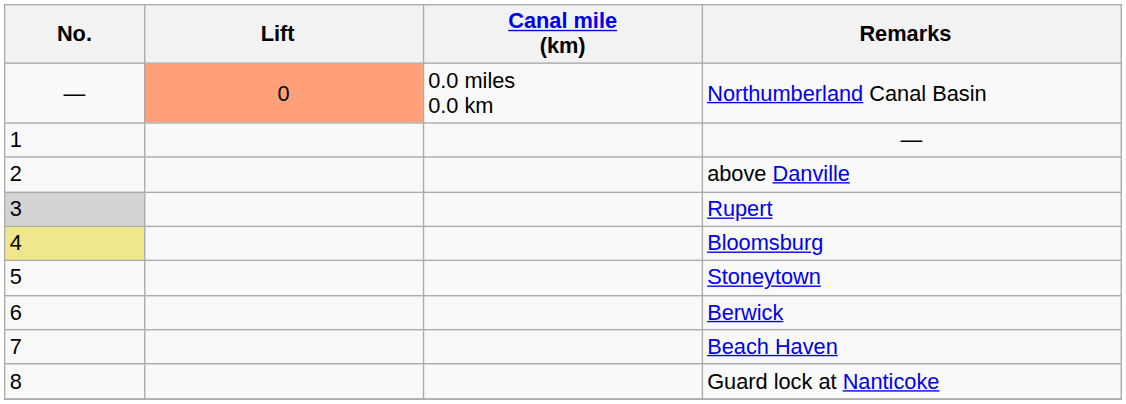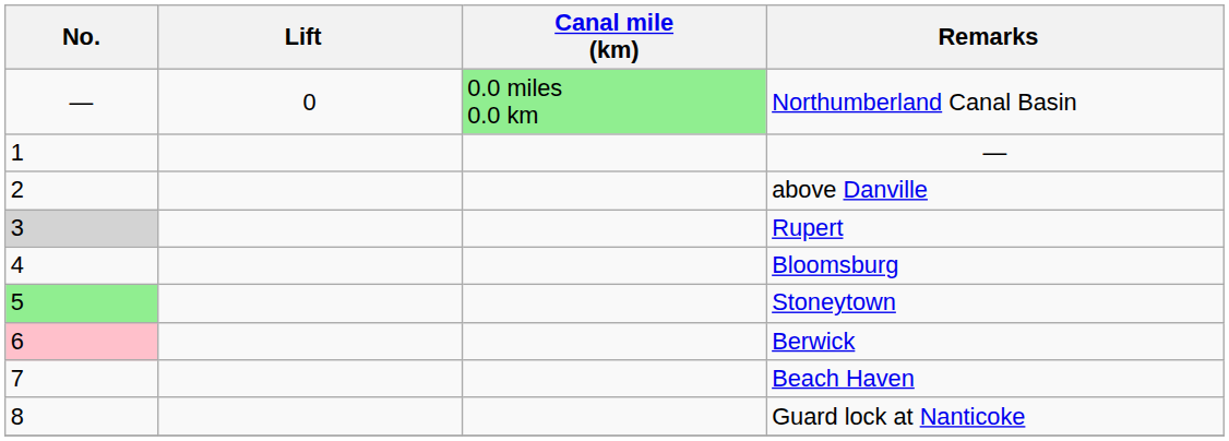 <table class="wikitable" style="width:65%">
 <tr>
 <th width=5%>No.</th>
 <th width=10%>Lift  </th>
 <th width=10%><a href='#'>Canal mile</a><br> (km)</th>
 <th width=15%>Remarks  </th>
 </tr>
 <tr>
 <td style="text-align:center;">—</td>
-<td style="background: lightsalmon; text-align:center;">0</td>
-<td>0.0 miles<br>0.0 km</td>
+<td style="text-align:center;">0</td>
+<td style="background: lightgreen;">0.0 miles<br>0.0 km</td>
 <td><a href='#'>Northumberland</a> Canal Basin</td>
 </tr>
 <tr>
 <td>1</td>
 <td></td>
 <td></td>
 <td style="text-align:center;">—</td>
 </tr>
 <tr>
 <td>2</td>
 <td></td>
 <td></td>
 <td> above <a href='#'>Danville</a></td>
 </tr>
 <tr>
 <td style="background: lightgrey;">3</td>
 <td></td>
 <td></td>
 <td><a href='#'>Rupert</a></td>
 </tr>
 <tr>
-<td style="background: khaki;">4</td>
+<td>4</td>
 <td></td>
 <td></td>
 <td><a href='#'>Bloomsburg</a></td>
 </tr>
 <tr>
-<td>5</td>
+<td style="background: lightgreen;">5</td>
 <td></td>
 <td></td>
 <td><a href='#'>Stoneytown</a></td>
 </tr>
 <tr>
-<td>6</td>
+<td style="background: pink;">6</td>
 <td></td>
 <td></td>
 <td><a href='#'>Berwick</a></td>
 </tr>
 <tr>
 <td>7</td>
 <td></td>
 <td></td>
 <td><a href='#'>Beach Haven</a></td>
 </tr>
 <tr>
 <td>8</td>
 <td></td>
 <td></td>
 <td>Guard lock at <a href='#'>Nanticoke</a></td>
 </tr>
 <tr>
 </tr>
 </table>
